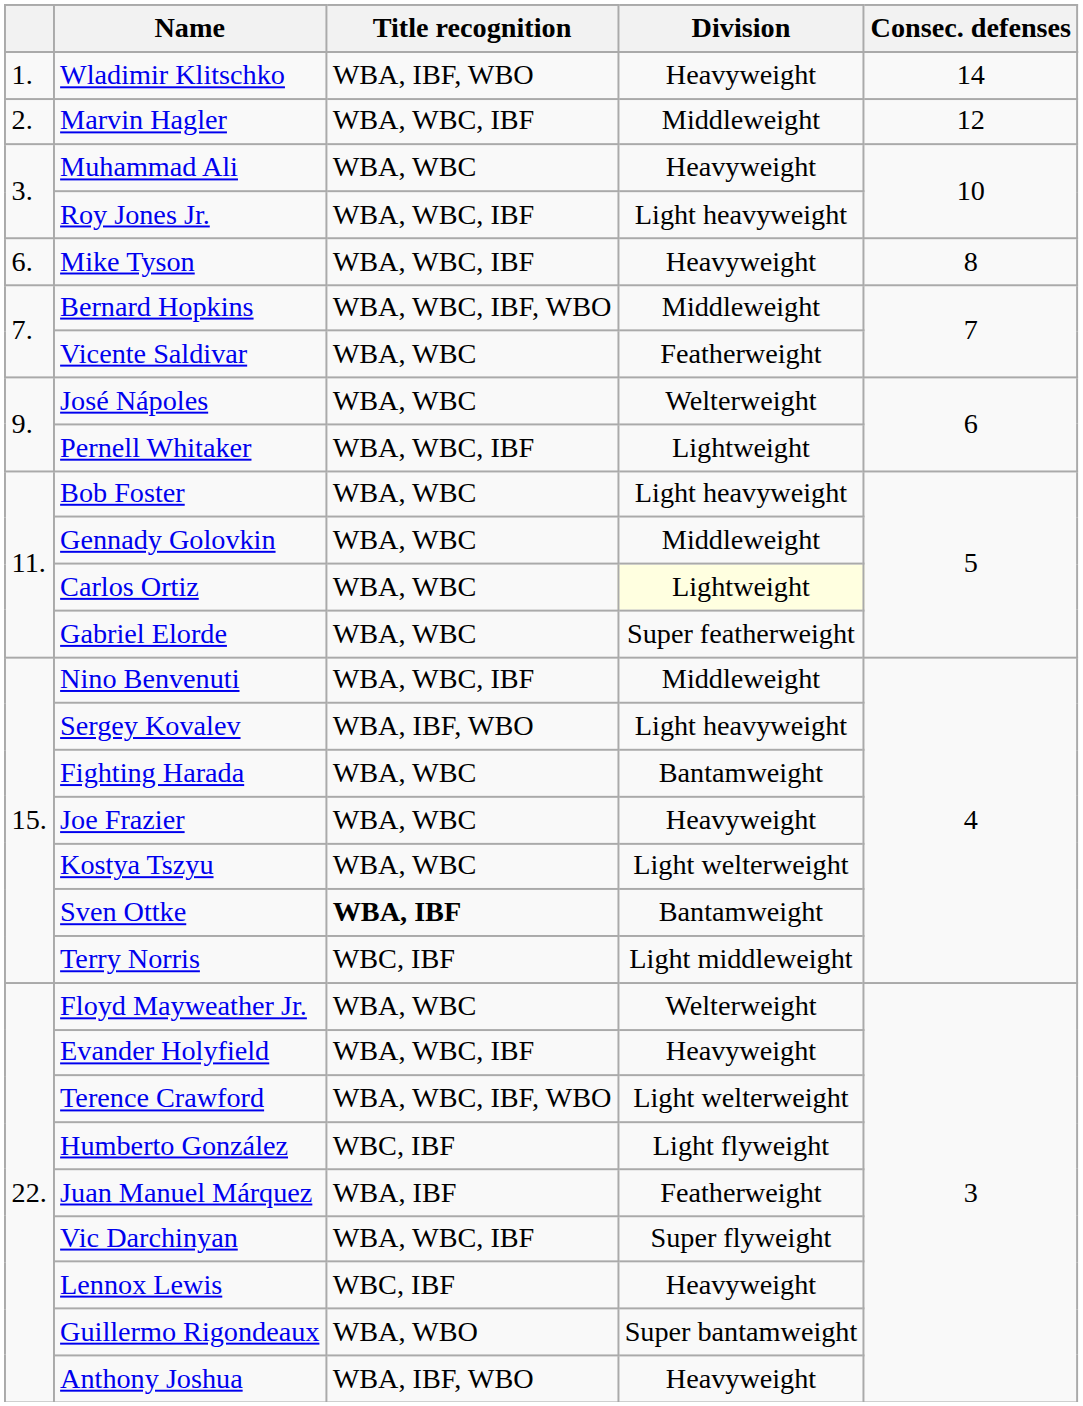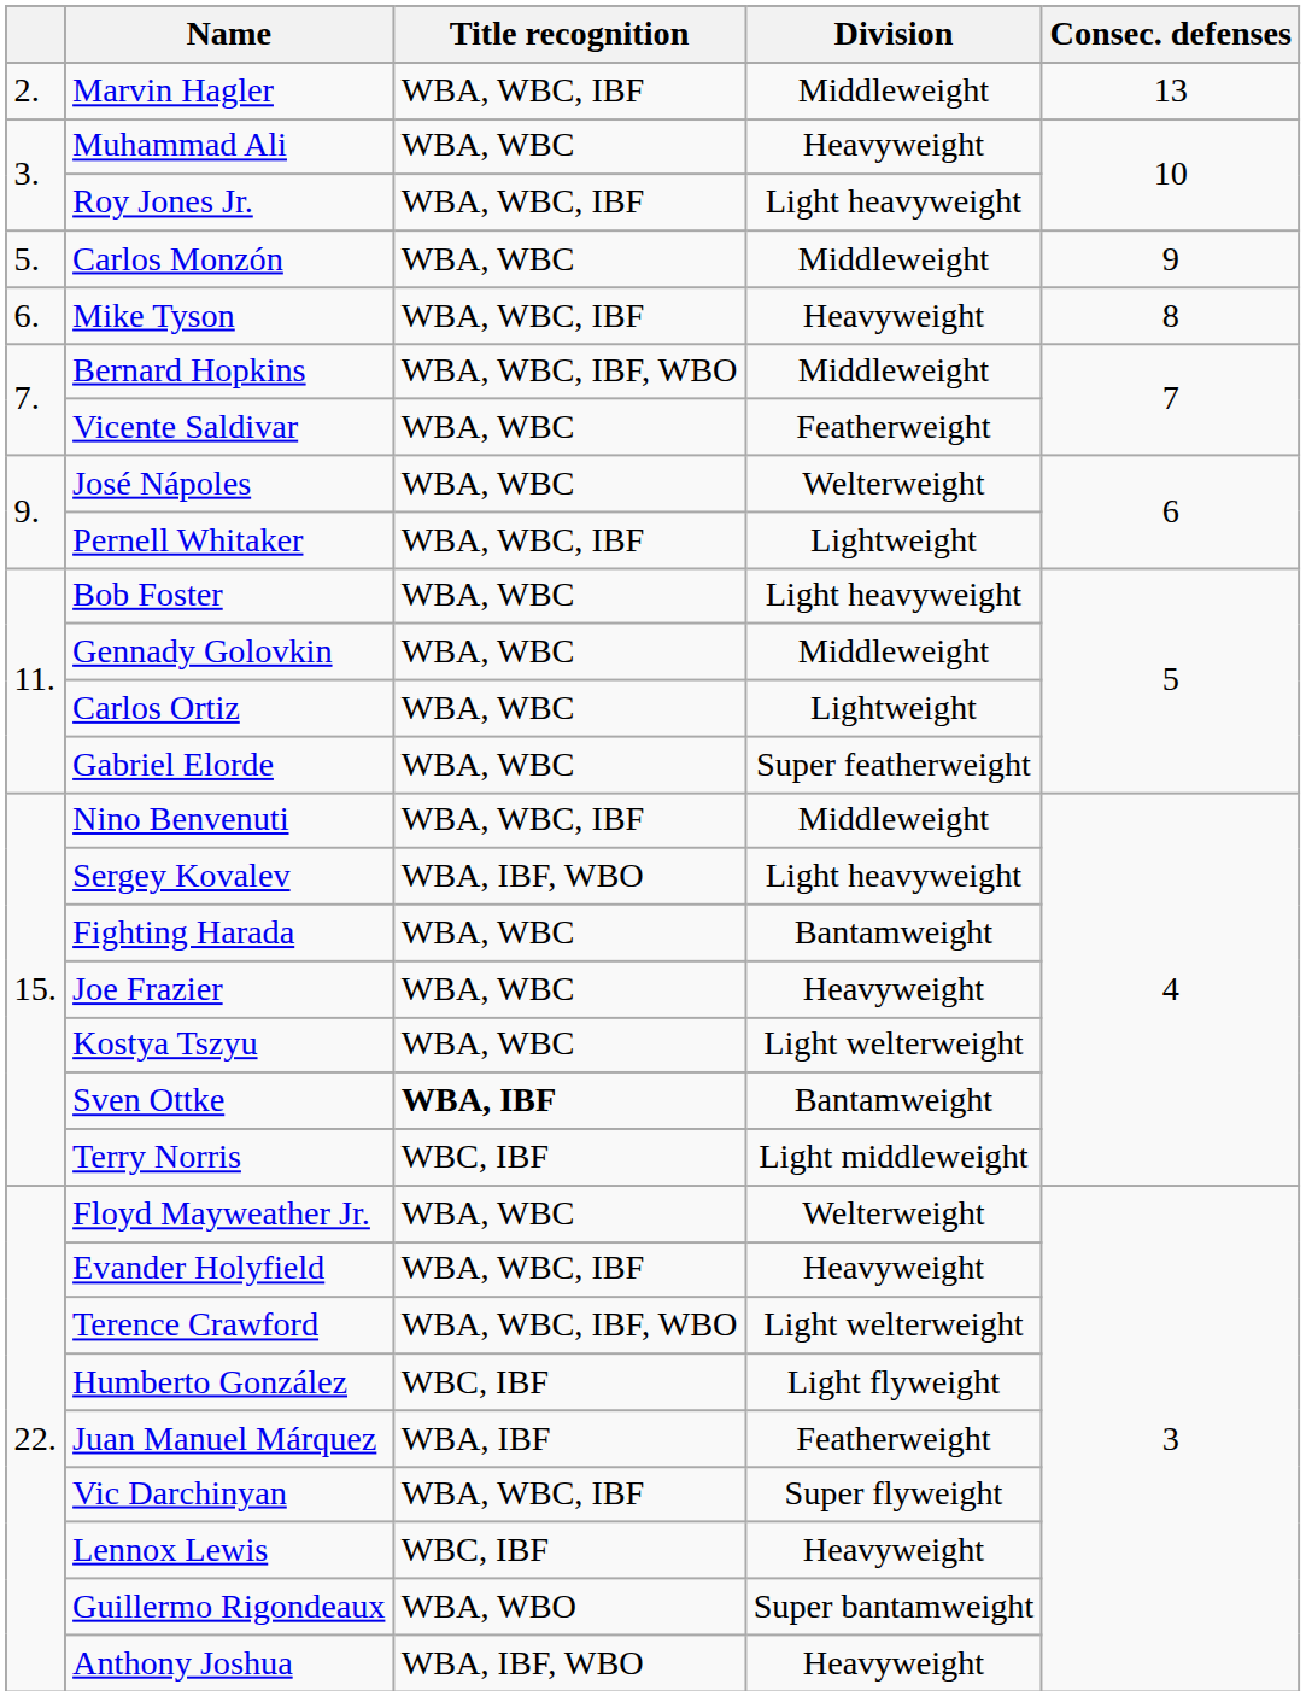 <table class="wikitable sortable" style="font-size:90%;  margin:0 .5em .5em 0; margin-top:.5em; margin-bottom:.5em; border:1px solid #CCC; border-collapse:collapse; text-align:left;">
 <tr>
 <th></th>
 <th>Name</th>
 <th>Title recognition</th>
 <th>Division</th>
 <th>Consec. defenses</th>
 </tr>
 <tr>
 </tr>
-<tr bgcolor=>
-<td>1.</td>
-<td> <a href='#'>Wladimir Klitschko</a></td>
-<td>WBA, IBF, WBO</td>
-<td align="center">Heavyweight</td>
-<td align="center">14</td>
-</tr>
 <tr>
 <td>2.</td>
 <td> <a href='#'>Marvin Hagler</a></td>
 <td>WBA, WBC, IBF</td>
 <td align="center">Middleweight</td>
-<td align="center">12</td>
+<td align="center">13</td>
 </tr>
 <tr>
 <td rowspan="2">3.</td>
 <td> <a href='#'>Muhammad Ali</a></td>
 <td>WBA, WBC</td>
 <td align="center">Heavyweight</td>
 <td align="center" rowspan="2">10</td>
 </tr>
 <tr>
 <td> <a href='#'>Roy Jones Jr.</a></td>
 <td>WBA, WBC, IBF</td>
 <td align="center">Light heavyweight</td>
+</tr>
+<tr>
+<td>5.</td>
+<td> <a href='#'>Carlos Monzón</a></td>
+<td>WBA, WBC</td>
+<td align="center">Middleweight</td>
+<td align="center">9</td>
 </tr>
 <tr>
 <td>6.</td>
 <td> <a href='#'>Mike Tyson</a></td>
 <td>WBA, WBC, IBF</td>
 <td align="center">Heavyweight</td>
 <td align="center">8</td>
 </tr>
 <tr>
 <td rowspan="2">7.</td>
 <td> <a href='#'>Bernard Hopkins</a></td>
 <td>WBA, WBC, IBF, WBO</td>
 <td align="center">Middleweight</td>
 <td align="center" rowspan="2">7</td>
 </tr>
 <tr>
 <td> <a href='#'>Vicente Saldivar</a></td>
 <td>WBA, WBC</td>
 <td align="center">Featherweight</td>
 </tr>
 <tr>
 <td rowspan="2">9.</td>
 <td> <a href='#'>José Nápoles</a></td>
 <td>WBA, WBC</td>
 <td align="center">Welterweight</td>
 <td align="center" rowspan="2">6</td>
 </tr>
 <tr>
 <td> <a href='#'>Pernell Whitaker</a></td>
 <td>WBA, WBC, IBF</td>
 <td align="center">Lightweight</td>
 </tr>
 <tr>
 <td rowspan="4">11.</td>
 <td> <a href='#'>Bob Foster</a></td>
 <td>WBA, WBC</td>
 <td align="center">Light heavyweight</td>
 <td align="center" rowspan="4">5</td>
 </tr>
 <tr>
 <td> <a href='#'>Gennady Golovkin</a></td>
 <td>WBA, WBC</td>
 <td align="center">Middleweight</td>
 </tr>
 <tr>
 <td> <a href='#'>Carlos Ortiz</a></td>
 <td>WBA, WBC</td>
-<td align="center" style="background: lightyellow;">Lightweight</td>
+<td align="center">Lightweight</td>
 </tr>
 <tr>
 <td> <a href='#'>Gabriel Elorde</a></td>
 <td>WBA, WBC</td>
 <td align="center">Super featherweight</td>
 </tr>
 <tr>
 <td rowspan="7">15.</td>
 <td> <a href='#'>Nino Benvenuti</a></td>
 <td>WBA, WBC, IBF</td>
 <td align="center">Middleweight</td>
 <td align="center" rowspan="7">4</td>
 </tr>
 <tr>
 <td> <a href='#'>Sergey Kovalev</a></td>
 <td>WBA, IBF, WBO</td>
 <td align="center">Light heavyweight</td>
 </tr>
 <tr>
 <td> <a href='#'>Fighting Harada</a></td>
 <td>WBA, WBC</td>
 <td align="center">Bantamweight</td>
 </tr>
 <tr>
 <td> <a href='#'>Joe Frazier</a></td>
 <td>WBA, WBC</td>
 <td align="center">Heavyweight</td>
 </tr>
 <tr>
 <td> <a href='#'>Kostya Tszyu</a></td>
 <td>WBA, WBC</td>
 <td align="center">Light welterweight</td>
 </tr>
 <tr>
 <td> <a href='#'>Sven Ottke</a></td>
 <td><strong>WBA, IBF</strong></td>
 <td align="center">Bantamweight</td>
 </tr>
 <tr>
 <td> <a href='#'>Terry Norris</a></td>
 <td>WBC, IBF</td>
 <td align="center">Light middleweight</td>
 </tr>
 <tr>
 <td rowspan="9">22.</td>
 <td> <a href='#'>Floyd Mayweather Jr.</a></td>
 <td>WBA, WBC</td>
 <td align="center">Welterweight</td>
 <td align="center" rowspan="9">3</td>
 </tr>
 <tr>
 <td> <a href='#'>Evander Holyfield</a></td>
 <td>WBA, WBC, IBF</td>
 <td align="center">Heavyweight</td>
 </tr>
 <tr>
 <td> <a href='#'>Terence Crawford</a></td>
 <td>WBA, WBC, IBF, WBO</td>
 <td align="center">Light welterweight</td>
 </tr>
 <tr>
 <td> <a href='#'>Humberto González</a></td>
 <td>WBC, IBF</td>
 <td align="center">Light flyweight</td>
 </tr>
 <tr>
 <td> <a href='#'>Juan Manuel Márquez</a></td>
 <td>WBA, IBF</td>
 <td align="center">Featherweight</td>
 </tr>
 <tr>
 <td> <a href='#'>Vic Darchinyan</a></td>
 <td>WBA, WBC, IBF</td>
 <td align="center">Super flyweight</td>
 </tr>
 <tr>
 <td> <a href='#'>Lennox Lewis</a></td>
 <td>WBC, IBF</td>
 <td align="center">Heavyweight</td>
 </tr>
 <tr>
 <td> <a href='#'>Guillermo Rigondeaux</a></td>
 <td>WBA, WBO</td>
 <td align="center">Super bantamweight</td>
 </tr>
 <tr bgcolor=>
 <td> <a href='#'>Anthony Joshua</a></td>
 <td>WBA, IBF, WBO</td>
 <td align="center">Heavyweight</td>
 </tr>
 </table>
